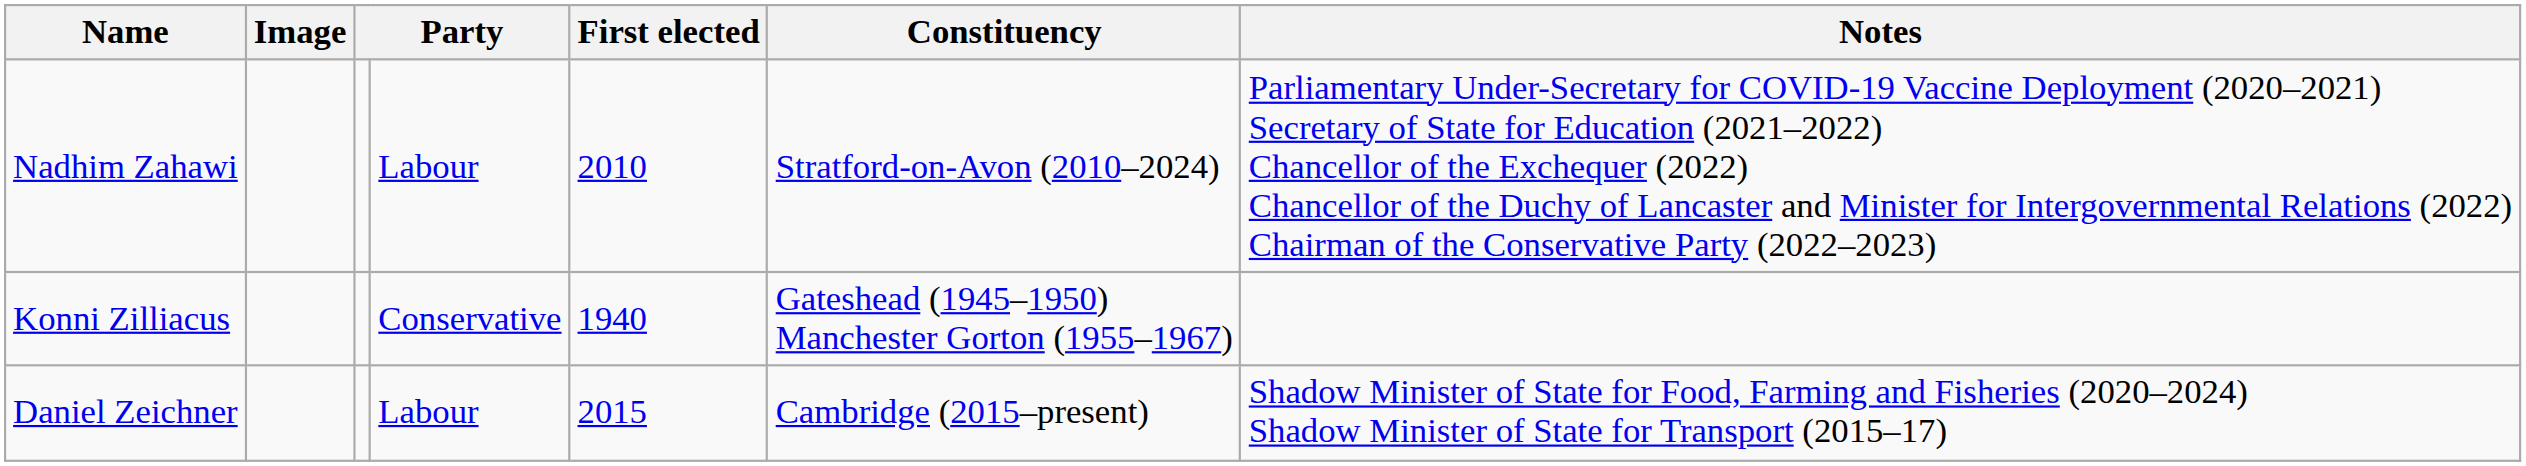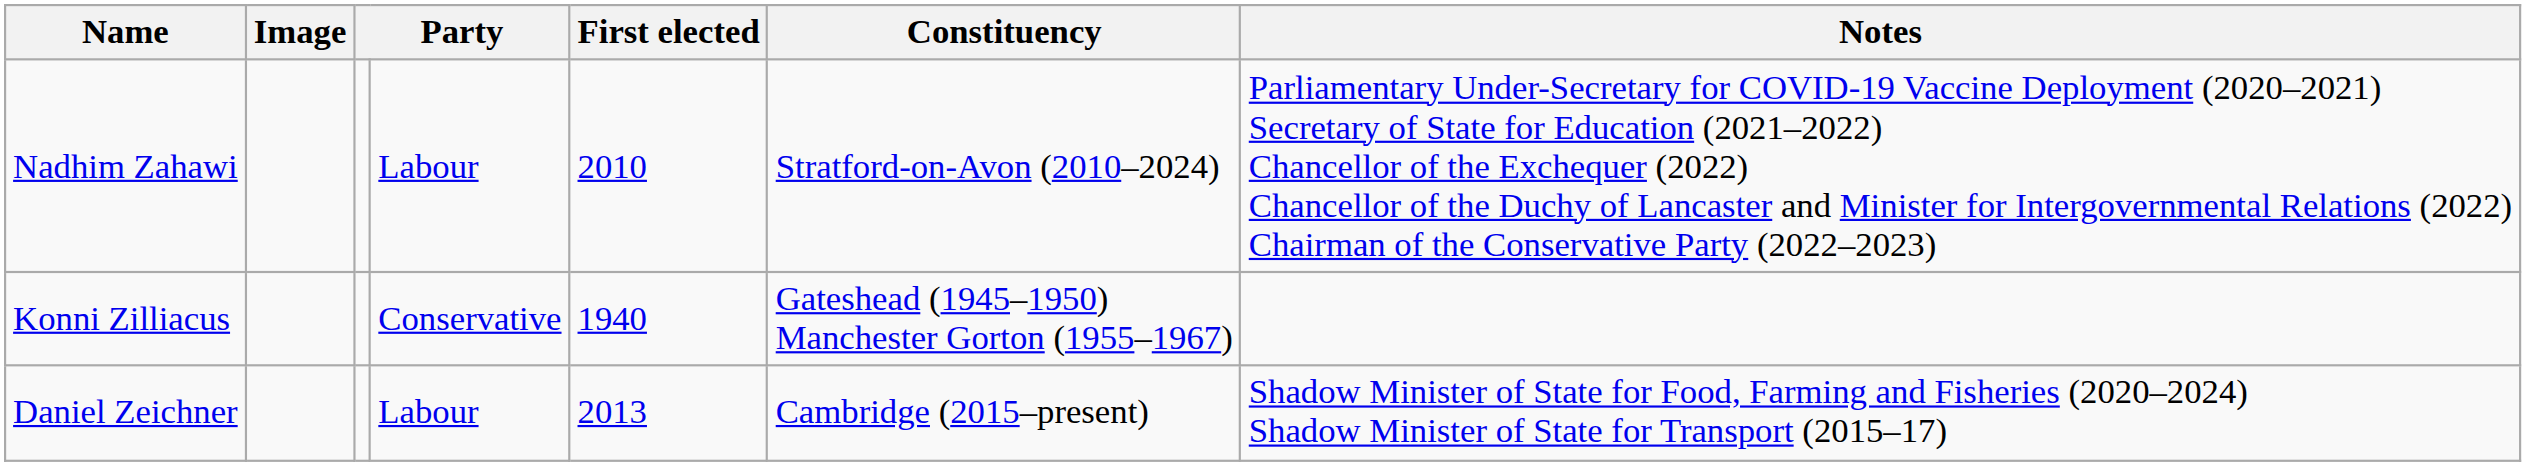 <table class="wikitable sortable">
 <tr>
 <th>Name</th>
 <th>Image</th>
 <th colspan="2">Party</th>
 <th>First elected</th>
 <th>Constituency</th>
 <th>Notes</th>
 </tr>
 <tr>
 <td><a href='#'>Nadhim Zahawi</a></td>
 <td></td>
 <td style="background-color: "></td>
 <td><a href='#'>Labour</a></td>
 <td><a href='#'>2010</a></td>
 <td><a href='#'>Stratford-on-Avon</a> (<a href='#'>2010</a>–2024)</td>
 <td><a href='#'>Parliamentary Under-Secretary for COVID-19 Vaccine Deployment</a> (2020–2021)<br><a href='#'>Secretary of State for Education</a> (2021–2022)<br><a href='#'>Chancellor of the Exchequer</a> (2022)<br><a href='#'>Chancellor of the Duchy of Lancaster</a> and <a href='#'>Minister for Intergovernmental Relations</a> (2022)<br><a href='#'>Chairman of the Conservative Party</a> (2022–2023)</td>
 </tr>
 <tr>
 <td><a href='#'>Konni Zilliacus</a></td>
 <td></td>
 <td style="background-color: "></td>
 <td><a href='#'>Conservative</a></td>
 <td><a href='#'>1940</a></td>
 <td><a href='#'>Gateshead</a> (<a href='#'>1945</a>–<a href='#'>1950</a>)<br><a href='#'>Manchester Gorton</a> (<a href='#'>1955</a>–<a href='#'>1967</a>)</td>
 <td></td>
 </tr>
 <tr>
 <td><a href='#'>Daniel Zeichner</a></td>
 <td></td>
 <td style="background-color: "></td>
 <td><a href='#'>Labour</a></td>
-<td><a href='#'>2015</a></td>
+<td><a href='#'>2013</a></td>
 <td><a href='#'>Cambridge</a> (<a href='#'>2015</a>–present)</td>
 <td><a href='#'>Shadow Minister of State for Food, Farming and Fisheries</a> (2020–2024)<br><a href='#'>Shadow Minister of State for Transport</a> (2015–17)</td>
 </tr>
 </table>
